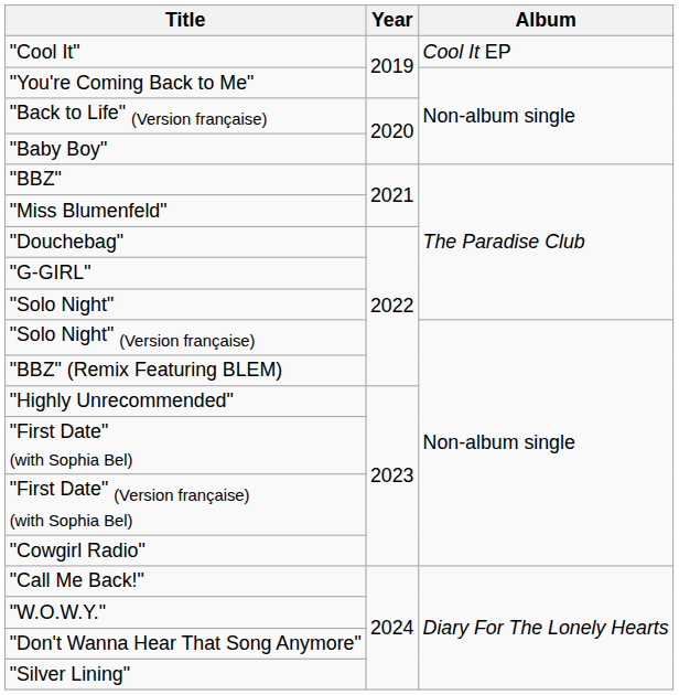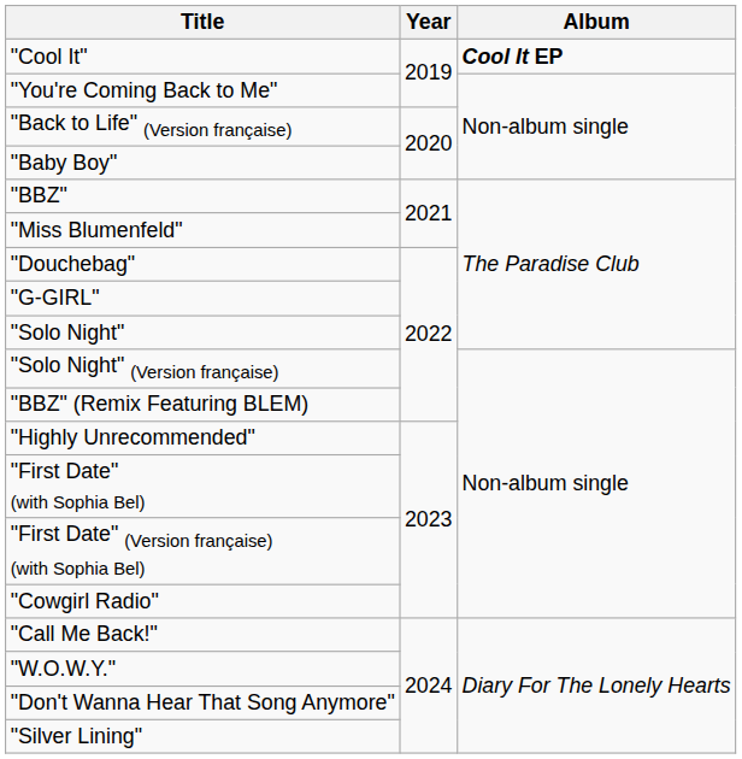 <table class="wikitable">
 <tr>
 <th>Title</th>
 <th>Year</th>
 <th>Album</th>
 </tr>
 <tr>
 <td>"Cool It"</td>
 <td rowspan="2">2019</td>
-<td><em>Cool It</em> EP</td>
+<td><strong><em>Cool It</em> EP</strong></td>
 </tr>
 <tr>
 <td>"You're Coming Back to Me"</td>
 <td rowspan="3">Non-album single</td>
 </tr>
 <tr>
 <td>"Back to Life" <sub>(Version française)</sub></td>
 <td rowspan="2">2020</td>
 </tr>
 <tr>
 <td>"Baby Boy"</td>
 </tr>
 <tr>
 <td>"BBZ"</td>
 <td rowspan="2">2021</td>
 <td rowspan="5"><em>The Paradise Club</em></td>
 </tr>
 <tr>
 <td>"Miss Blumenfeld"</td>
 </tr>
 <tr>
 <td>"Douchebag"</td>
 <td rowspan="5">2022</td>
 </tr>
 <tr>
 <td>"G-GIRL"</td>
 </tr>
 <tr>
 <td>"Solo Night"</td>
 </tr>
 <tr>
 <td>"Solo Night" <sub>(Version française)</sub></td>
 <td rowspan="6">Non-album single</td>
 </tr>
 <tr>
 <td>"BBZ" (Remix Featuring BLEM)</td>
 </tr>
 <tr>
 <td>"Highly Unrecommended"</td>
 <td rowspan="4">2023</td>
 </tr>
 <tr>
 <td>"First Date"<br><sub>(with Sophia Bel)</sub></td>
 </tr>
 <tr>
 <td>"First Date" <sub>(Version française)</sub><br><sub>(with Sophia Bel)</sub></td>
 </tr>
 <tr>
 <td>"Cowgirl Radio"</td>
 </tr>
 <tr>
 <td>"Call Me Back!"</td>
 <td rowspan="4">2024</td>
 <td rowspan="4"><em>Diary For The Lonely Hearts</em></td>
 </tr>
 <tr>
 <td>"W.O.W.Y."</td>
 </tr>
 <tr>
 <td>"Don't Wanna Hear That Song Anymore"</td>
 </tr>
 <tr>
 <td>"Silver Lining"</td>
 </tr>
 </table>
